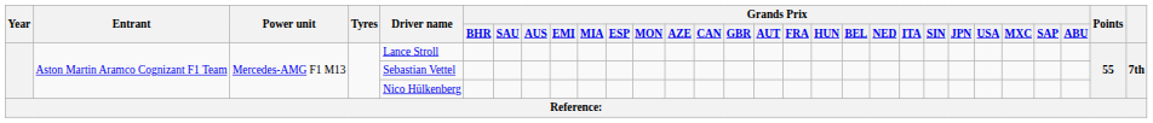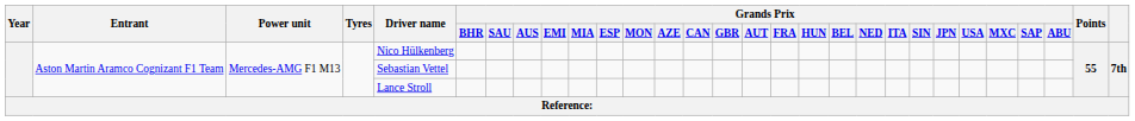 <table class="wikitable" style="text-align:center; font-size:90%">
 <tr>
 <th rowspan="2">Year</th>
 <th rowspan="2">Entrant</th>
 <th rowspan="2">Power unit</th>
 <th rowspan="2">Tyres</th>
 <th rowspan="2">Driver name</th>
 <th colspan="22">Grands Prix</th>
 <th rowspan="2">Points</th>
 <th rowspan="2"></th>
 </tr>
 <tr>
 <th><a href='#'>BHR</a></th>
 <th><a href='#'>SAU</a></th>
 <th><a href='#'>AUS</a></th>
 <th><a href='#'>EMI</a></th>
 <th><a href='#'>MIA</a></th>
 <th><a href='#'>ESP</a></th>
 <th><a href='#'>MON</a></th>
 <th><a href='#'>AZE</a></th>
 <th><a href='#'>CAN</a></th>
 <th><a href='#'>GBR</a></th>
 <th><a href='#'>AUT</a></th>
 <th><a href='#'>FRA</a></th>
 <th><a href='#'>HUN</a></th>
 <th><a href='#'>BEL</a></th>
 <th><a href='#'>NED</a></th>
 <th><a href='#'>ITA</a></th>
 <th><a href='#'>SIN</a></th>
 <th><a href='#'>JPN</a></th>
 <th><a href='#'>USA</a></th>
 <th><a href='#'>MXC</a></th>
 <th><a href='#'>SAP</a></th>
 <th><a href='#'>ABU</a></th>
 </tr>
 <tr>
 <th rowspan="3"></th>
 <td rowspan="3"><a href='#'>Aston Martin Aramco Cognizant F1 Team</a></td>
 <td rowspan="3"><a href='#'>Mercedes-AMG</a> F1 M13</td>
 <td rowspan="3"></td>
-<td align="left"> <a href='#'>Lance Stroll</a></td>
+<td align="left"> <a href='#'>Nico Hülkenberg</a></td>
 <td></td>
 <td></td>
 <td></td>
 <td></td>
 <td></td>
 <td></td>
 <td></td>
 <td></td>
 <td></td>
 <td></td>
 <td></td>
 <td></td>
 <td></td>
 <td></td>
 <td></td>
 <td></td>
 <td></td>
 <td></td>
 <td></td>
 <td></td>
 <td></td>
 <td></td>
 <th rowspan="3">55</th>
 <th rowspan="3">7th</th>
 </tr>
 <tr>
 <td align="left"> <a href='#'>Sebastian Vettel</a></td>
 <td></td>
 <td></td>
 <td></td>
 <td></td>
 <td></td>
 <td></td>
 <td></td>
 <td></td>
 <td></td>
 <td></td>
 <td></td>
 <td></td>
 <td></td>
 <td></td>
 <td></td>
 <td></td>
 <td></td>
 <td></td>
 <td></td>
 <td></td>
 <td></td>
 <td></td>
 </tr>
 <tr>
-<td align="left"> <a href='#'>Nico Hülkenberg</a></td>
+<td align="left"> <a href='#'>Lance Stroll</a></td>
 <td></td>
 <td></td>
 <td></td>
 <td></td>
 <td></td>
 <td></td>
 <td></td>
 <td></td>
 <td></td>
 <td></td>
 <td></td>
 <td></td>
 <td></td>
 <td></td>
 <td></td>
 <td></td>
 <td></td>
 <td></td>
 <td></td>
 <td></td>
 <td></td>
 <td></td>
 </tr>
 <tr>
 <th colspan="29">Reference:</th>
 </tr>
 </table>
